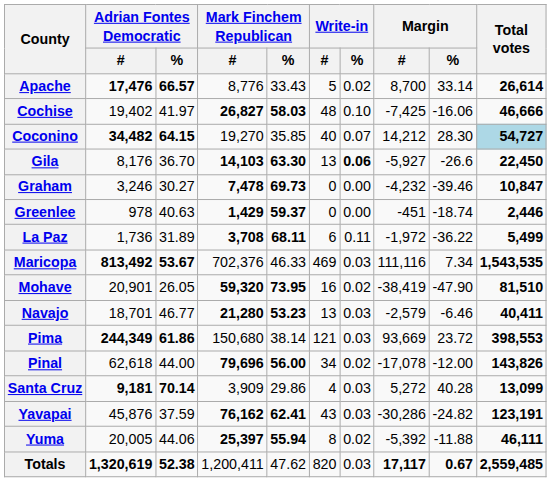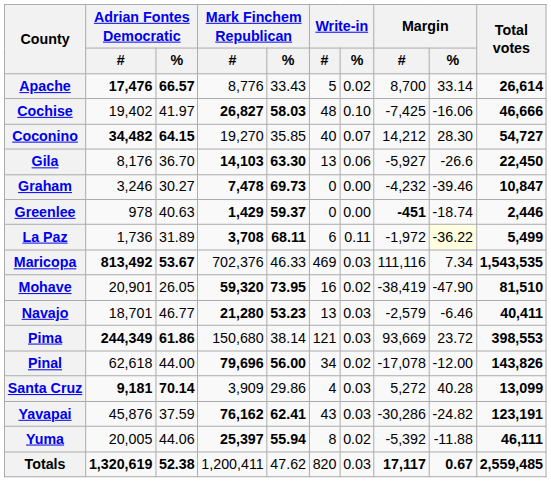 <table class="wikitable sortable" style="text-align:right;font-size:90%;line-height:1.3">
 <tr>
 <th rowspan=2>County</th>
 <th colspan=2><a href='#'>Adrian Fontes</a><br><a href='#'>Democratic</a></th>
 <th colspan=2><a href='#'>Mark Finchem</a><br><a href='#'>Republican</a></th>
 <th colspan=2><a href='#'>Write-in</a></th>
 <th colspan=2>Margin</th>
 <th rowspan=2>Total<br>votes</th>
 </tr>
 <tr>
 <th data-sort-type="number">#</th>
 <th data-sort-type="number">%</th>
 <th data-sort-type="number">#</th>
 <th data-sort-type="number">%</th>
 <th data-sort-type="number">#</th>
 <th data-sort-type="number">%</th>
 <th data-sort-type="number">#</th>
 <th data-sort-type="number">%</th>
 </tr>
 <tr>
 <th><a href='#'>Apache</a></th>
 <td><strong>17,476</strong></td>
 <td><strong>66.57</strong></td>
 <td>8,776</td>
 <td>33.43</td>
 <td>5</td>
 <td>0.02</td>
 <td>8,700</td>
 <td>33.14</td>
 <td><strong>26,614</strong></td>
 </tr>
 <tr>
 <th><a href='#'>Cochise</a></th>
 <td>19,402</td>
 <td>41.97</td>
 <td><strong>26,827</strong></td>
 <td><strong>58.03</strong></td>
 <td>48</td>
 <td>0.10</td>
 <td>-7,425</td>
 <td>-16.06</td>
 <td><strong>46,666</strong></td>
 </tr>
 <tr>
 <th><a href='#'>Coconino</a></th>
 <td><strong>34,482</strong></td>
 <td><strong>64.15</strong></td>
 <td>19,270</td>
 <td>35.85</td>
 <td>40</td>
 <td>0.07</td>
 <td>14,212</td>
 <td>28.30</td>
-<td style="background: lightblue;"><strong>54,727</strong></td>
+<td><strong>54,727</strong></td>
 </tr>
 <tr>
 <th><a href='#'>Gila</a></th>
 <td>8,176</td>
 <td>36.70</td>
 <td><strong>14,103</strong></td>
 <td><strong>63.30</strong></td>
 <td>13</td>
-<td><strong>0.06</strong></td>
+<td>0.06</td>
 <td>-5,927</td>
 <td>-26.6</td>
 <td><strong>22,450</strong></td>
 </tr>
 <tr>
 <th><a href='#'>Graham</a></th>
 <td>3,246</td>
 <td>30.27</td>
 <td><strong>7,478</strong></td>
 <td><strong>69.73</strong></td>
 <td>0</td>
 <td>0.00</td>
 <td>-4,232</td>
 <td>-39.46</td>
 <td><strong>10,847</strong></td>
 </tr>
 <tr>
 <th><a href='#'>Greenlee</a></th>
 <td>978</td>
 <td>40.63</td>
 <td><strong>1,429</strong></td>
 <td><strong>59.37</strong></td>
 <td>0</td>
 <td>0.00</td>
-<td>-451</td>
+<td><strong>-451</strong></td>
 <td>-18.74</td>
 <td><strong>2,446</strong></td>
 </tr>
 <tr>
 <th><a href='#'>La Paz</a></th>
 <td>1,736</td>
 <td>31.89</td>
 <td><strong>3,708</strong></td>
 <td><strong>68.11</strong></td>
 <td>6</td>
 <td>0.11</td>
 <td>-1,972</td>
-<td>-36.22</td>
+<td style="background: lightyellow;">-36.22</td>
 <td><strong>5,499</strong></td>
 </tr>
 <tr>
 <th><a href='#'>Maricopa</a></th>
 <td><strong>813,492</strong></td>
 <td><strong>53.67</strong></td>
 <td>702,376</td>
 <td>46.33</td>
 <td>469</td>
 <td>0.03</td>
 <td>111,116</td>
 <td>7.34</td>
 <td><strong>1,543,535</strong></td>
 </tr>
 <tr>
 <th><a href='#'>Mohave</a></th>
 <td>20,901</td>
 <td>26.05</td>
 <td><strong>59,320</strong></td>
 <td><strong>73.95</strong></td>
 <td>16</td>
 <td>0.02</td>
 <td>-38,419</td>
 <td>-47.90</td>
 <td><strong>81,510</strong></td>
 </tr>
 <tr>
 <th><a href='#'>Navajo</a></th>
 <td>18,701</td>
 <td>46.77</td>
 <td><strong>21,280</strong></td>
 <td><strong>53.23</strong></td>
 <td>13</td>
 <td>0.03</td>
 <td>-2,579</td>
 <td>-6.46</td>
 <td><strong>40,411</strong></td>
 </tr>
 <tr>
 <th><a href='#'>Pima</a></th>
 <td><strong>244,349</strong></td>
 <td><strong>61.86</strong></td>
 <td>150,680</td>
 <td>38.14</td>
 <td>121</td>
 <td>0.03</td>
 <td>93,669</td>
 <td>23.72</td>
 <td><strong>398,553</strong></td>
 </tr>
 <tr>
 <th><a href='#'>Pinal</a></th>
 <td>62,618</td>
 <td>44.00</td>
 <td><strong>79,696</strong></td>
 <td><strong>56.00</strong></td>
 <td>34</td>
 <td>0.02</td>
 <td>-17,078</td>
 <td>-12.00</td>
 <td><strong>143,826</strong></td>
 </tr>
 <tr>
 <th><a href='#'>Santa Cruz</a></th>
 <td><strong>9,181</strong></td>
 <td><strong>70.14</strong></td>
 <td>3,909</td>
 <td>29.86</td>
 <td>4</td>
 <td>0.03</td>
 <td>5,272</td>
 <td>40.28</td>
 <td><strong>13,099</strong></td>
 </tr>
 <tr>
 <th><a href='#'>Yavapai</a></th>
 <td>45,876</td>
 <td>37.59</td>
 <td><strong>76,162</strong></td>
 <td><strong>62.41</strong></td>
 <td>43</td>
 <td>0.03</td>
 <td>-30,286</td>
 <td>-24.82</td>
 <td><strong>123,191</strong></td>
 </tr>
 <tr>
 <th><a href='#'>Yuma</a></th>
 <td>20,005</td>
 <td>44.06</td>
 <td><strong>25,397</strong></td>
 <td><strong>55.94</strong></td>
 <td>8</td>
 <td>0.02</td>
 <td>-5,392</td>
 <td>-11.88</td>
 <td><strong>46,111</strong></td>
 </tr>
 <tr class="sortbottom">
 <th>Totals</th>
 <td><strong>1,320,619</strong></td>
 <td><strong>52.38</strong></td>
 <td>1,200,411</td>
 <td>47.62</td>
 <td>820</td>
 <td>0.03</td>
 <td><strong>17,117</strong></td>
 <td><strong>0.67</strong></td>
 <td><strong>2,559,485</strong></td>
 </tr>
 </table>
